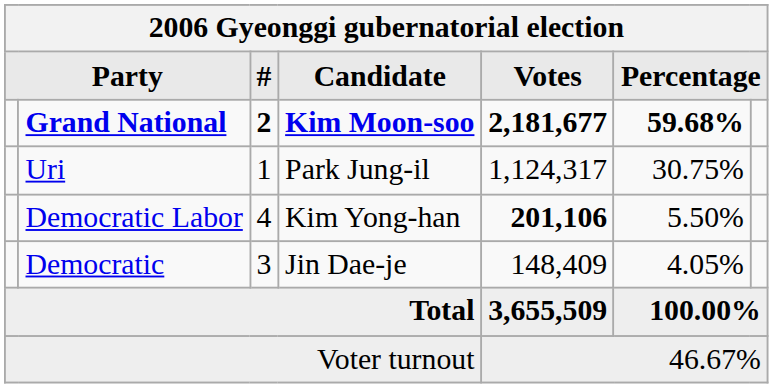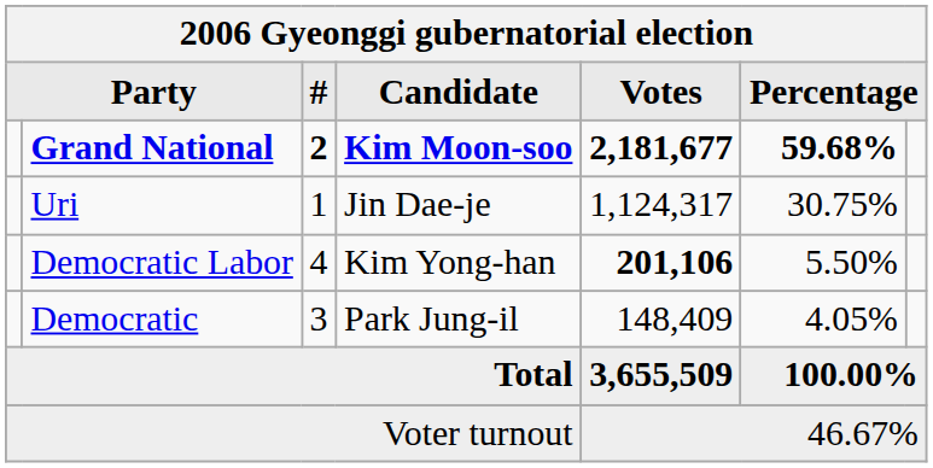 <table class="wikitable">
 <tr>
 <th colspan="7">2006 Gyeonggi gubernatorial election</th>
 </tr>
 <tr>
 <th style="background-color:#E9E9E9" colspan=2>Party</th>
 <th style="background-color:#E9E9E9">#</th>
 <th style="background-color:#E9E9E9">Candidate</th>
 <th style="background-color:#E9E9E9">Votes</th>
 <th style="background-color:#E9E9E9" colspan=2>Percentage</th>
 </tr>
 <tr style="font-weight:bold">
 <td></td>
 <td align=left><a href='#'>Grand National</a></td>
 <td align=center>2</td>
 <td align=left><a href='#'>Kim Moon-soo</a></td>
 <td align=right>2,181,677</td>
 <td align=right>59.68%</td>
 <td align=right></td>
 </tr>
 <tr>
 <td></td>
 <td align=left><a href='#'>Uri</a></td>
 <td align=center>1</td>
-<td align=left>Park Jung-il</td>
+<td align=left>Jin Dae-je</td>
 <td align=right>1,124,317</td>
 <td align=right>30.75%</td>
 <td align=right></td>
 </tr>
 <tr>
 <td></td>
 <td align=left><a href='#'>Democratic Labor</a></td>
 <td align=center>4</td>
 <td align=left>Kim Yong-han</td>
 <td align=right><strong>201,106</strong></td>
 <td align=right>5.50%</td>
 <td align=right></td>
 </tr>
 <tr>
 <td></td>
 <td align=left><a href='#'>Democratic</a></td>
 <td align=center>3</td>
-<td align=left>Jin Dae-je</td>
+<td align=left>Park Jung-il</td>
 <td align=right>148,409</td>
 <td align=right>4.05%</td>
 <td align=right></td>
 </tr>
 <tr bgcolor="#EEEEEE" style="font-weight:bold">
 <td colspan="4" align=right>Total</td>
 <td align=right>3,655,509</td>
 <td align=right colspan=2>100.00%</td>
 </tr>
 <tr bgcolor="#EEEEEE">
 <td colspan="4" align="right">Voter turnout</td>
 <td colspan="3" align="right">46.67%</td>
 </tr>
 </table>
